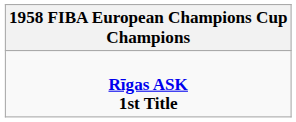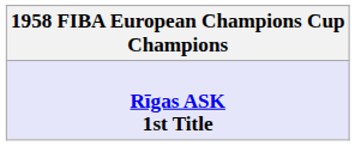 <table class=wikitable style="text-align:center; margin:auto">
 <tr>
 <th>1958 FIBA European Champions Cup<br>Champions</th>
 </tr>
 <tr>
-<td> <br> <strong><a href='#'>Rīgas ASK</a></strong> <br> <strong>1st Title</strong></td>
+<td style="background: lavender;"> <br> <strong><a href='#'>Rīgas ASK</a></strong> <br> <strong>1st Title</strong></td>
 </tr>
 </table>
